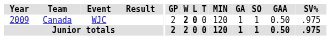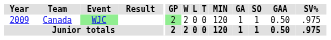 <table border="0" cellpadding="1" cellspacing="0" ID="Table3" style="text-align:center; width:40em">
 <tr ALIGN="center" bgcolor="#e0e0e0">
 <th>Year</th>
 <th>Team</th>
 <th>Event</th>
 <th>Result</th>
 <th rowspan="99" bgcolor="#ffffff"></th>
 <th>GP</th>
 <th>W</th>
 <th>L</th>
 <th>T</th>
 <th>MIN</th>
 <th>GA</th>
 <th>SO</th>
 <th>GAA</th>
 <th>SV%</th>
 </tr>
 <tr ALIGN="center">
 <td><a href='#'>2009</a></td>
 <td><a href='#'>Canada</a></td>
-<td><a href='#'>WJC</a></td>
+<td style="background: lightgreen;"><a href='#'>WJC</a></td>
 <td></td>
+<td style="background: lightgreen;">2</td>
 <td>2</td>
-<td><strong>2</strong></td>
-<td><strong>0</strong></td>
+<td>0</td>
 <td>0</td>
 <td>120</td>
 <td>1</td>
 <td>1</td>
 <td>0.50</td>
 <td>.975</td>
 </tr>
 <tr bgcolor="#e0e0e0" ALIGN="center">
 <th colspan=4>Junior totals</th>
 <th>2</th>
 <th>2</th>
 <th>0</th>
 <th>0</th>
 <th>120</th>
 <th>1</th>
 <th>1</th>
 <th>0.50</th>
 <th>.975</th>
 </tr>
 </table>
